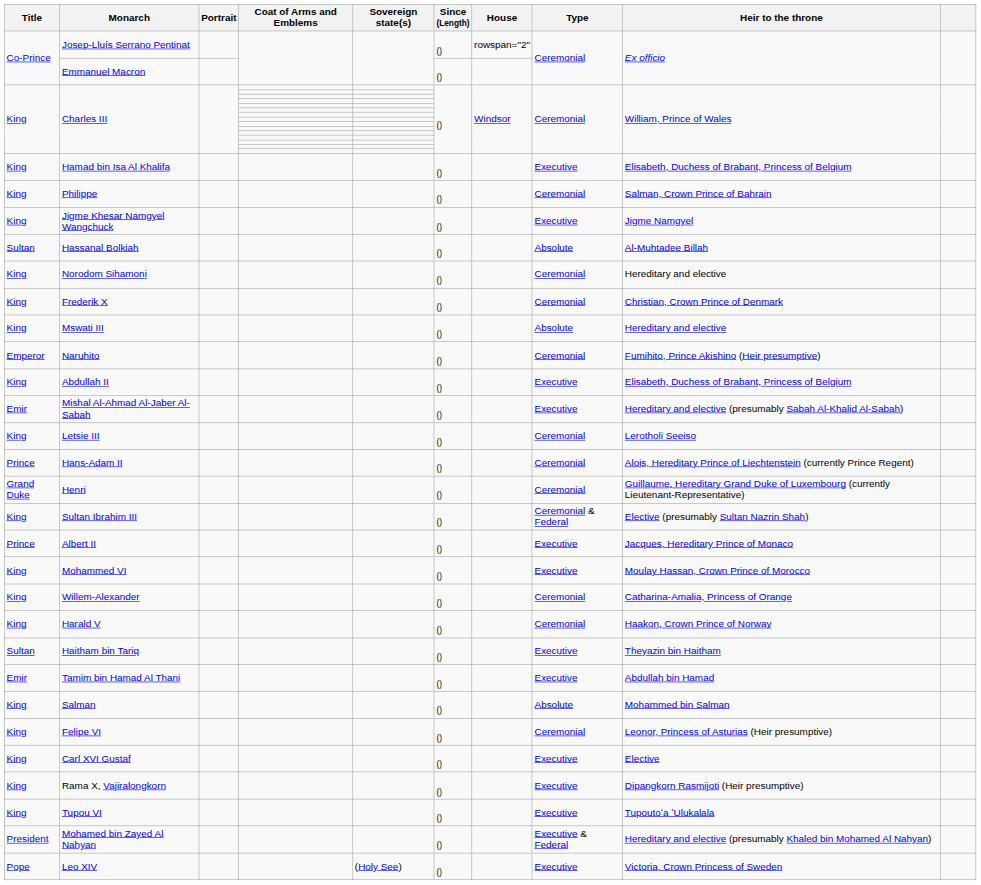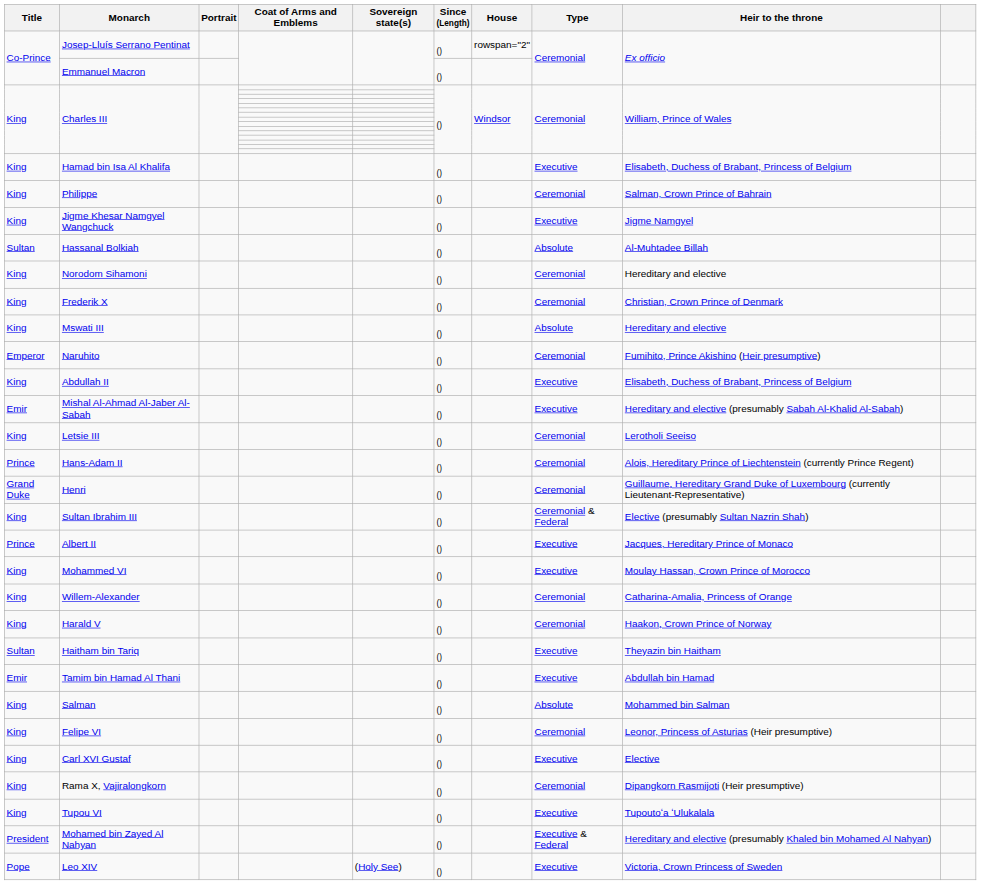 <table class="wikitable sortable">
 <tr>
 <th>Title</th>
 <th>Monarch</th>
 <th class="unsortable">Portrait</th>
 <th>Coat of Arms and Emblems</th>
 <th>Sovereign state(s)</th>
 <th>Since<br><small>(Length)</small></th>
 <th>House</th>
 <th>Type</th>
 <th>Heir to the throne</th>
 <th class="unsortable" width=50px></th>
 </tr>
 <tr>
 <td rowspan=2><a href='#'>Co-Prince</a></td>
 <td><a href='#'>Josep-Lluís Serrano Pentinat</a></td>
 <td align=center></td>
 <td rowspan=2></td>
 <td rowspan=2></td>
 <td><br><small>()</small></td>
 <td>rowspan="2" </td>
 <td rowspan=2><a href='#'>Ceremonial</a></td>
 <td rowspan=2><em><a href='#'>Ex officio</a></em></td>
 <td rowspan=2 align=center></td>
 </tr>
 <tr>
 <td><a href='#'>Emmanuel Macron</a></td>
 <td align=center></td>
 <td><br><small>()</small></td>
 </tr>
 <tr>
 <td rowspan="15"><a href='#'>King</a></td>
 <td rowspan="15"><a href='#'>Charles III</a></td>
 <td rowspan="15" align="center"></td>
 <td></td>
 <td></td>
 <td rowspan="15"><br><small>()</small></td>
 <td rowspan="15"><a href='#'>Windsor</a></td>
 <td rowspan="15"><a href='#'>Ceremonial</a></td>
 <td rowspan="15"><a href='#'>William, Prince of Wales</a></td>
 <td rowspan="15" align="center"><br><br></td>
 </tr>
 <tr>
 <td></td>
 <td></td>
 </tr>
 <tr>
 <td></td>
 <td></td>
 </tr>
 <tr>
 <td></td>
 <td></td>
 </tr>
 <tr>
 <td></td>
 <td></td>
 </tr>
 <tr>
 <td></td>
 <td></td>
 </tr>
 <tr>
 <td></td>
 <td></td>
 </tr>
 <tr>
 <td></td>
 <td></td>
 </tr>
 <tr>
 <td></td>
 <td></td>
 </tr>
 <tr>
 <td></td>
 <td></td>
 </tr>
 <tr>
 <td></td>
 <td></td>
 </tr>
 <tr>
 <td></td>
 <td></td>
 </tr>
 <tr>
 <td></td>
 <td></td>
 </tr>
 <tr>
 <td></td>
 <td></td>
 </tr>
 <tr>
 <td></td>
 <td></td>
 </tr>
 <tr>
 <td><a href='#'>King</a></td>
 <td><a href='#'>Hamad bin Isa Al Khalifa</a></td>
 <td align="center"></td>
 <td></td>
 <td></td>
 <td><br><small>()</small></td>
 <td></td>
 <td><a href='#'>Executive</a></td>
 <td><a href='#'>Elisabeth, Duchess of Brabant, Princess of Belgium</a></td>
 <td align="center"></td>
 </tr>
 <tr>
 <td><a href='#'>King</a></td>
 <td><a href='#'>Philippe</a></td>
 <td align="center"></td>
 <td></td>
 <td></td>
 <td><br><small>()</small></td>
 <td></td>
 <td><a href='#'>Ceremonial</a></td>
 <td><a href='#'>Salman, Crown Prince of Bahrain</a></td>
 <td align="center"></td>
 </tr>
 <tr>
 <td><a href='#'>King</a></td>
 <td><a href='#'>Jigme Khesar Namgyel Wangchuck</a></td>
 <td align="center"></td>
 <td></td>
 <td></td>
 <td><br><small>()</small></td>
 <td></td>
 <td><a href='#'>Executive</a></td>
 <td><a href='#'>Jigme Namgyel</a></td>
 <td align="center"></td>
 </tr>
 <tr>
 <td><a href='#'>Sultan</a></td>
 <td><a href='#'>Hassanal Bolkiah</a></td>
 <td align="center"></td>
 <td></td>
 <td></td>
 <td><br><small>()</small></td>
 <td></td>
 <td><a href='#'>Absolute</a></td>
 <td><a href='#'>Al-Muhtadee Billah</a></td>
 <td align="center"></td>
 </tr>
 <tr>
 <td><a href='#'>King</a></td>
 <td><a href='#'>Norodom Sihamoni</a></td>
 <td align="center"></td>
 <td></td>
 <td></td>
 <td><br><small>()</small></td>
 <td></td>
 <td><a href='#'>Ceremonial</a></td>
 <td>Hereditary and elective</td>
 <td align="center"></td>
 </tr>
 <tr>
 <td><a href='#'>King</a></td>
 <td><a href='#'>Frederik X</a></td>
 <td align="center"></td>
 <td></td>
 <td></td>
 <td><br><small>()</small></td>
 <td></td>
 <td><a href='#'>Ceremonial</a></td>
 <td><a href='#'>Christian, Crown Prince of Denmark</a></td>
 <td align="center"></td>
 </tr>
 <tr>
 <td><a href='#'>King</a></td>
 <td><a href='#'>Mswati III</a></td>
 <td align="center"></td>
 <td></td>
 <td></td>
 <td><br><small>()</small></td>
 <td></td>
 <td><a href='#'>Absolute</a></td>
 <td><a href='#'>Hereditary and elective</a></td>
 <td align="center"></td>
 </tr>
 <tr>
 <td><a href='#'>Emperor</a></td>
 <td><a href='#'>Naruhito</a></td>
 <td align="center"></td>
 <td></td>
 <td></td>
 <td><br><small>()</small></td>
 <td></td>
 <td><a href='#'>Ceremonial</a></td>
 <td><a href='#'>Fumihito, Prince Akishino</a> (<a href='#'>Heir presumptive</a>)</td>
 <td align="center"></td>
 </tr>
 <tr>
 <td><a href='#'>King</a></td>
 <td><a href='#'>Abdullah II</a></td>
 <td align="center"></td>
 <td></td>
 <td></td>
 <td><br><small>()</small></td>
 <td></td>
 <td><a href='#'>Executive</a></td>
 <td><a href='#'>Elisabeth, Duchess of Brabant, Princess of Belgium</a></td>
 <td align="center"></td>
 </tr>
 <tr>
 <td><a href='#'>Emir</a></td>
 <td><a href='#'>Mishal Al-Ahmad Al-Jaber Al-Sabah</a></td>
 <td align="center"></td>
 <td></td>
 <td></td>
 <td><br><small>()</small></td>
 <td></td>
 <td><a href='#'>Executive</a></td>
 <td><a href='#'>Hereditary and elective</a> (presumably <a href='#'>Sabah Al-Khalid Al-Sabah</a>)</td>
 <td align="center"></td>
 </tr>
 <tr>
 <td><a href='#'>King</a></td>
 <td><a href='#'>Letsie III</a></td>
 <td align="center"></td>
 <td></td>
 <td></td>
 <td><br><small>()</small></td>
 <td></td>
 <td><a href='#'>Ceremonial</a></td>
 <td><a href='#'>Lerotholi Seeiso</a></td>
 <td align="center"></td>
 </tr>
 <tr>
 <td><a href='#'>Prince</a></td>
 <td><a href='#'>Hans-Adam II</a></td>
 <td align="center"></td>
 <td></td>
 <td></td>
 <td><br><small>()</small></td>
 <td></td>
 <td><a href='#'>Ceremonial</a></td>
 <td><a href='#'>Alois, Hereditary Prince of Liechtenstein</a> (currently Prince Regent)</td>
 <td align="center"></td>
 </tr>
 <tr>
 <td><a href='#'>Grand Duke</a></td>
 <td><a href='#'>Henri</a></td>
 <td align="center"></td>
 <td></td>
 <td></td>
 <td><br><small>()</small></td>
 <td></td>
 <td><a href='#'>Ceremonial</a></td>
 <td><a href='#'>Guillaume, Hereditary Grand Duke of Luxembourg</a> (currently Lieutenant-Representative)</td>
 <td align="center"></td>
 </tr>
 <tr>
 <td><a href='#'>King</a></td>
 <td><a href='#'>Sultan Ibrahim III</a></td>
 <td align="center"></td>
 <td></td>
 <td></td>
 <td><br><small>()</small></td>
 <td></td>
 <td><a href='#'>Ceremonial</a> & <a href='#'>Federal</a></td>
 <td><a href='#'>Elective</a> (presumably <a href='#'>Sultan Nazrin Shah</a>)</td>
 <td align="center"></td>
 </tr>
 <tr>
 <td><a href='#'>Prince</a></td>
 <td><a href='#'>Albert II</a></td>
 <td align="center"></td>
 <td></td>
 <td></td>
 <td><br><small>()</small></td>
 <td></td>
 <td><a href='#'>Executive</a></td>
 <td><a href='#'>Jacques, Hereditary Prince of Monaco</a></td>
 <td align="center"></td>
 </tr>
 <tr>
 <td><a href='#'>King</a></td>
 <td><a href='#'>Mohammed VI</a></td>
 <td align="center"></td>
 <td></td>
 <td></td>
 <td><br><small>()</small></td>
 <td></td>
 <td><a href='#'>Executive</a></td>
 <td><a href='#'>Moulay Hassan, Crown Prince of Morocco</a></td>
 <td align="center"></td>
 </tr>
 <tr>
 <td><a href='#'>King</a></td>
 <td><a href='#'>Willem-Alexander</a></td>
 <td align="center"></td>
 <td></td>
 <td></td>
 <td><br><small>()</small></td>
 <td></td>
 <td><a href='#'>Ceremonial</a></td>
 <td><a href='#'>Catharina-Amalia, Princess of Orange</a></td>
 <td align="center"></td>
 </tr>
 <tr>
 <td><a href='#'>King</a></td>
 <td><a href='#'>Harald V</a></td>
 <td align="center"></td>
 <td></td>
 <td></td>
 <td><br><small>()</small></td>
 <td></td>
 <td><a href='#'>Ceremonial</a></td>
 <td><a href='#'>Haakon, Crown Prince of Norway</a></td>
 <td align="center"></td>
 </tr>
 <tr>
 <td><a href='#'>Sultan</a></td>
 <td><a href='#'>Haitham bin Tariq</a></td>
 <td align="center"></td>
 <td></td>
 <td></td>
 <td><br><small>()</small></td>
 <td></td>
 <td><a href='#'>Executive</a></td>
 <td><a href='#'>Theyazin bin Haitham</a></td>
 <td align="center"></td>
 </tr>
 <tr>
 <td><a href='#'>Emir</a></td>
 <td><a href='#'>Tamim bin Hamad Al Thani</a></td>
 <td align="center"></td>
 <td></td>
 <td></td>
 <td><br><small>()</small></td>
 <td></td>
 <td><a href='#'>Executive</a></td>
 <td><a href='#'>Abdullah bin Hamad</a></td>
 <td align="center"></td>
 </tr>
 <tr>
 <td><a href='#'>King</a></td>
 <td><a href='#'>Salman</a></td>
 <td align="center"></td>
 <td></td>
 <td></td>
 <td><br><small>()</small></td>
 <td></td>
 <td><a href='#'>Absolute</a></td>
 <td><a href='#'>Mohammed bin Salman</a></td>
 <td align="center"></td>
 </tr>
 <tr>
 <td><a href='#'>King</a></td>
 <td><a href='#'>Felipe VI</a></td>
 <td align="center"></td>
 <td></td>
 <td></td>
 <td><br><small>()</small></td>
 <td></td>
 <td><a href='#'>Ceremonial</a></td>
 <td><a href='#'>Leonor, Princess of Asturias</a> (Heir presumptive)</td>
 <td align="center"></td>
 </tr>
 <tr>
 <td><a href='#'>King</a></td>
 <td><a href='#'>Carl XVI Gustaf</a></td>
 <td align="center"></td>
 <td></td>
 <td></td>
 <td><br><small>()</small></td>
 <td></td>
 <td><a href='#'>Executive</a></td>
 <td><a href='#'>Elective</a></td>
 <td align="center"></td>
 </tr>
 <tr>
 <td><a href='#'>King</a></td>
 <td>Rama X, <a href='#'>Vajiralongkorn</a></td>
 <td align="center"></td>
 <td></td>
 <td></td>
 <td><br><small>()</small></td>
 <td></td>
-<td><a href='#'>Executive</a></td>
+<td><a href='#'>Ceremonial</a></td>
 <td><a href='#'>Dipangkorn Rasmijoti</a> (Heir presumptive)</td>
 <td align="center"></td>
 </tr>
 <tr>
 <td><a href='#'>King</a></td>
 <td><a href='#'>Tupou VI</a></td>
 <td align="center"></td>
 <td></td>
 <td></td>
 <td><br><small>()</small></td>
 <td></td>
 <td><a href='#'>Executive</a></td>
 <td><a href='#'>Tupoutoʻa ʻUlukalala</a></td>
 <td align="center"></td>
 </tr>
 <tr>
 <td><a href='#'>President</a></td>
 <td><a href='#'>Mohamed bin Zayed Al Nahyan</a></td>
 <td align="center"></td>
 <td></td>
 <td></td>
 <td><br><small>()</small></td>
 <td></td>
 <td><a href='#'>Executive</a> & <a href='#'>Federal</a></td>
 <td><a href='#'>Hereditary and elective</a> (presumably <a href='#'>Khaled bin Mohamed Al Nahyan</a>)</td>
 <td align="center"></td>
 </tr>
 <tr>
 <td><a href='#'>Pope</a></td>
 <td><a href='#'>Leo XIV</a></td>
 <td align="center"></td>
 <td></td>
 <td> (<a href='#'>Holy See</a>)</td>
 <td><br><small>()</small></td>
 <td></td>
 <td><a href='#'>Executive</a></td>
 <td><a href='#'>Victoria, Crown Princess of Sweden</a></td>
 <td align="center"></td>
 </tr>
 </table>
